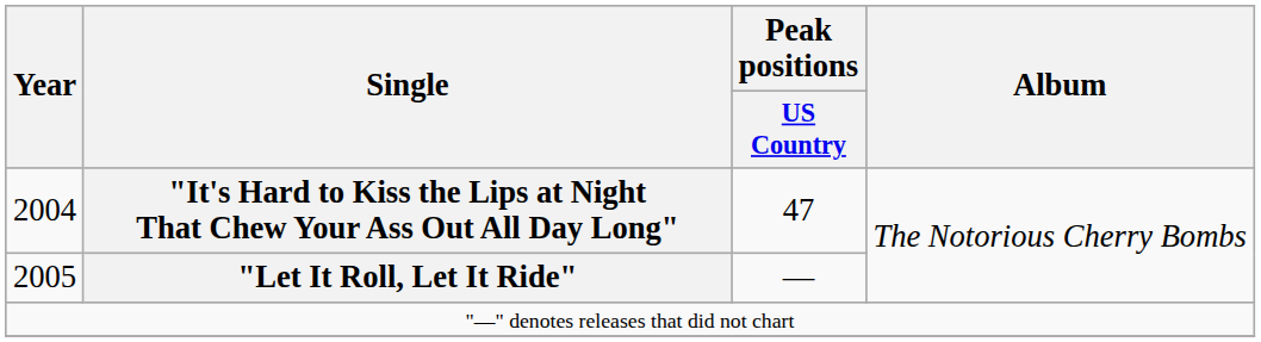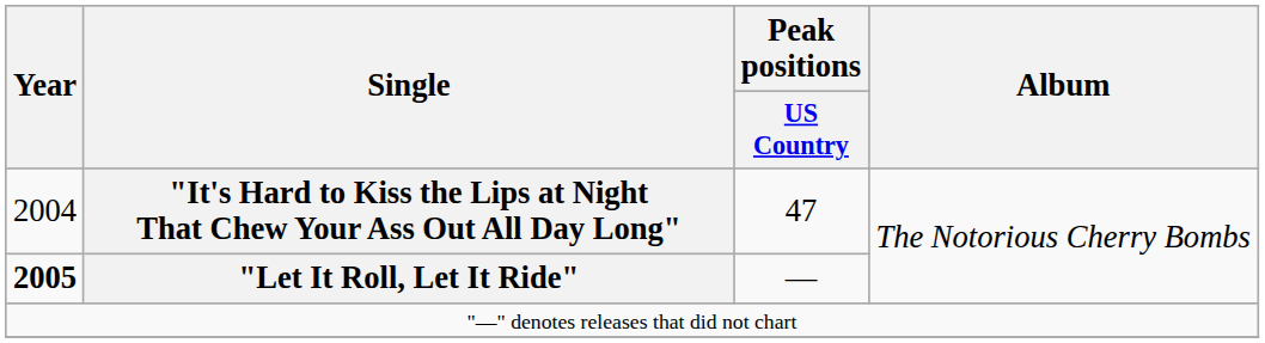 <table class="wikitable plainrowheaders" style="text-align:center;">
 <tr>
 <th rowspan="2">Year</th>
 <th rowspan="2" style="width:20em;">Single</th>
 <th colspan="1">Peak positions</th>
 <th rowspan="2">Album</th>
 </tr>
 <tr style="font-size:smaller;">
 <th width="60"><a href='#'>US Country</a></th>
 </tr>
 <tr>
 <td>2004</td>
 <th scope="row">"It's Hard to Kiss the Lips at Night<br>That Chew Your Ass Out All Day Long"</th>
 <td>47</td>
 <td align="left" rowspan="2"><em>The Notorious Cherry Bombs</em></td>
 </tr>
 <tr>
-<td>2005</td>
+<td><strong>2005</strong></td>
 <th scope="row">"Let It Roll, Let It Ride"</th>
 <td>—</td>
 </tr>
 <tr>
 <td colspan="4" style="font-size:8pt">"—" denotes releases that did not chart</td>
 </tr>
 <tr>
 </tr>
 </table>
